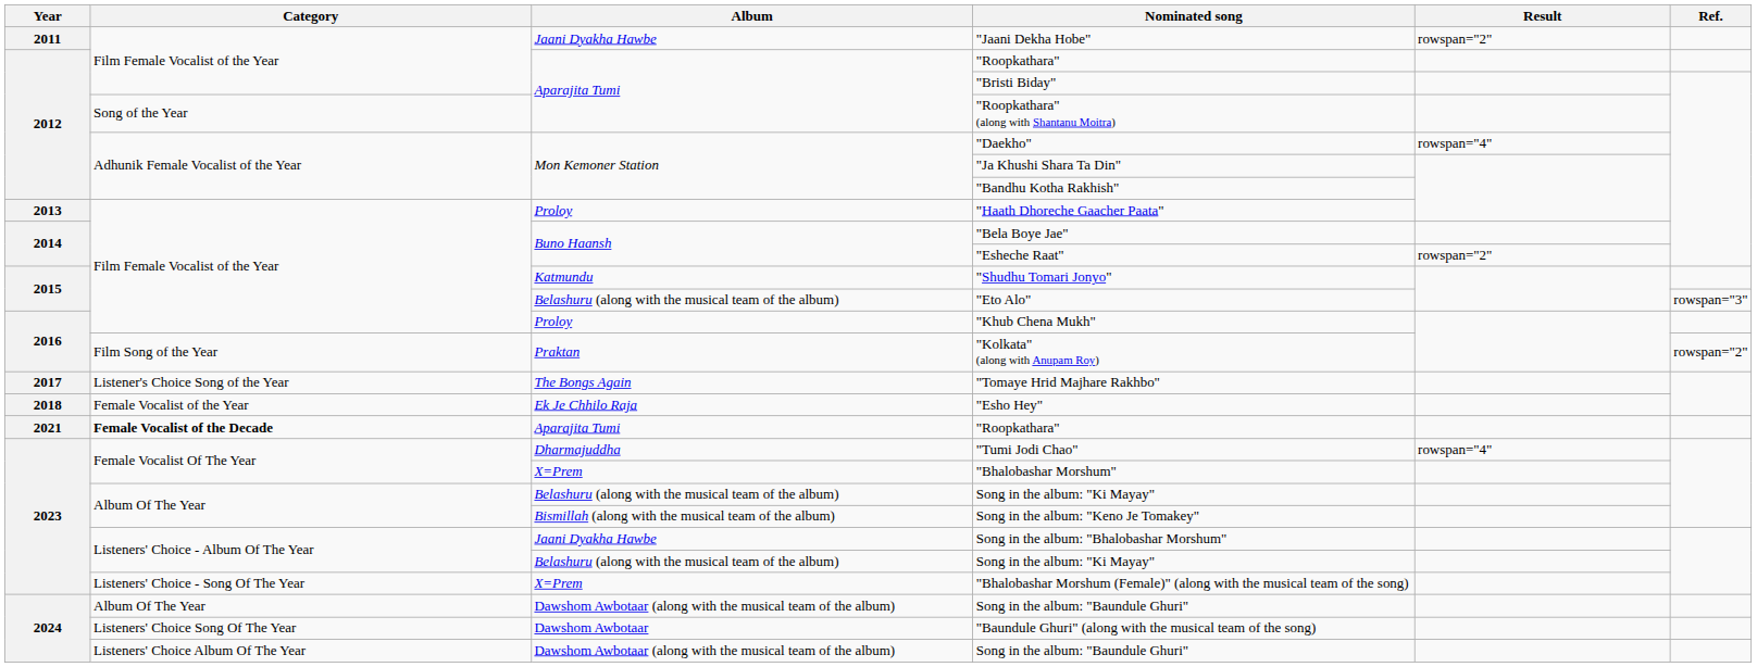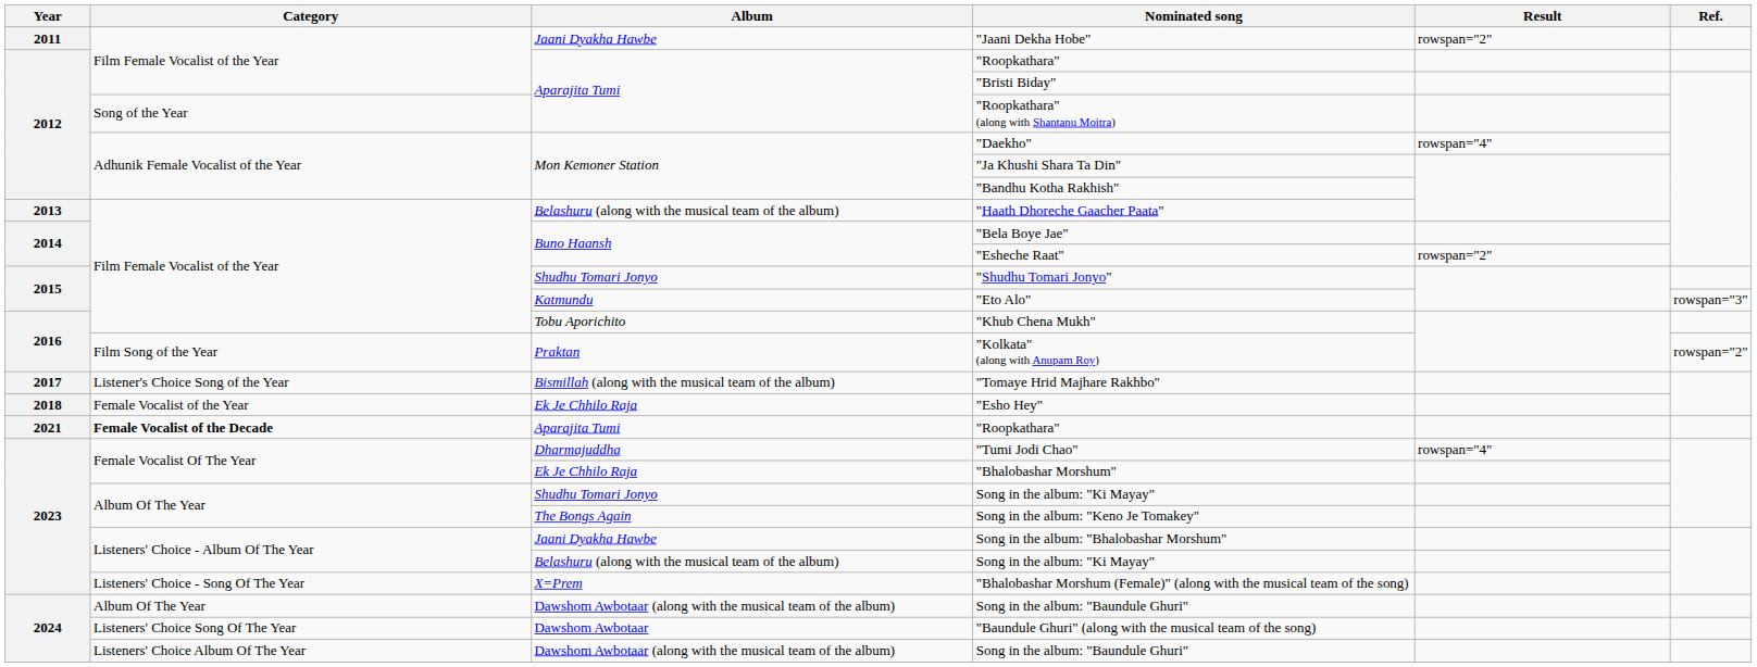 <table class="wikitable plainrowheaders" width="100%" textcolor:#000;">
 <tr>
 <th scope="col" width=5%><strong>Year</strong></th>
 <th scope="col" width=26%><strong>Category</strong></th>
 <th scope="col" width=26%><strong>Album</strong></th>
 <th scope="col" width=26%><strong>Nominated song</strong></th>
 <th scope="col" width=15%><strong>Result</strong></th>
 <th scope="col" width=2%><strong>Ref.</strong></th>
 </tr>
 <tr>
 <th scope="row">2011</th>
 <td rowspan="3">Film Female Vocalist of the Year</td>
 <td><em><a href='#'>Jaani Dyakha Hawbe</a></em></td>
 <td>"Jaani Dekha Hobe"</td>
 <td>rowspan="2" </td>
 <td></td>
 </tr>
 <tr>
 <th scope="row" rowspan="6">2012</th>
 <td rowspan="3"><em><a href='#'>Aparajita Tumi</a></em></td>
 <td>"Roopkathara"</td>
 <td></td>
 </tr>
 <tr>
 <td>"Bristi Biday"</td>
 <td></td>
 <td rowspan="8"></td>
 </tr>
 <tr>
 <td>Song of the Year</td>
 <td>"Roopkathara" <br><small>(along with <a href='#'>Shantanu Moitra</a>)</small></td>
 <td></td>
 </tr>
 <tr>
 <td rowspan="3">Adhunik Female Vocalist of the Year</td>
 <td rowspan="3"><em>Mon Kemoner Station</em></td>
 <td>"Daekho"</td>
 <td>rowspan="4" </td>
 </tr>
 <tr>
 <td>"Ja Khushi Shara Ta Din"</td>
 </tr>
 <tr>
 <td>"Bandhu Kotha Rakhish"</td>
 </tr>
 <tr>
 <th scope="row">2013</th>
 <td rowspan="6">Film Female Vocalist of the Year</td>
-<td><em><a href='#'>Proloy</a></em></td>
+<td><em><a href='#'>Belashuru</a></em> (along with the musical team of the album)</td>
 <td>"<a href='#'>Haath Dhoreche Gaacher Paata</a>"</td>
 </tr>
 <tr>
 <th scope="row" rowspan="2">2014</th>
 <td rowspan="2"><em><a href='#'>Buno Haansh</a></em></td>
 <td>"Bela Boye Jae"</td>
 <td></td>
 </tr>
 <tr>
 <td>"Esheche Raat"</td>
 <td>rowspan="2" </td>
 </tr>
 <tr>
 <th scope="row" rowspan="2">2015</th>
-<td><em><a href='#'>Katmundu</a></em></td>
+<td><em><a href='#'>Shudhu Tomari Jonyo</a></em></td>
 <td>"<a href='#'>Shudhu Tomari Jonyo</a>"</td>
 <td rowspan="2"><br></td>
 </tr>
 <tr>
-<td><em><a href='#'>Belashuru</a></em> (along with the musical team of the album)</td>
+<td><em><a href='#'>Katmundu</a></em></td>
 <td>"Eto Alo"</td>
 <td>rowspan="3" </td>
 </tr>
 <tr>
 <th scope="row" rowspan="2">2016</th>
-<td><em><a href='#'>Proloy</a></em></td>
+<td><em>Tobu Aporichito</em></td>
 <td>"Khub Chena Mukh"</td>
 <td rowspan="2"></td>
 </tr>
 <tr>
 <td>Film Song of the Year</td>
 <td><em><a href='#'>Praktan</a></em></td>
 <td>"Kolkata"<br><small>(along with <a href='#'>Anupam Roy</a>)</small></td>
 <td>rowspan="2" </td>
 </tr>
 <tr>
 <th scope="row">2017</th>
 <td>Listener's Choice Song of the Year</td>
-<td><em><a href='#'>The Bongs Again</a></em></td>
+<td><a href='#'><em>Bismillah</em></a> (along with the musical team of the album)</td>
 <td>"Tomaye Hrid Majhare Rakhbo"</td>
 <td></td>
 </tr>
 <tr>
 <th scope="row">2018</th>
 <td>Female Vocalist of the Year</td>
 <td><em><a href='#'>Ek Je Chhilo Raja</a></em></td>
 <td>"Esho Hey"</td>
 <td></td>
 </tr>
 <tr>
 <th scope="row">2021</th>
 <td><strong>Female Vocalist of the Decade</strong></td>
 <td><em><a href='#'>Aparajita Tumi</a></em></td>
 <td>"Roopkathara"</td>
 <td></td>
 <td rowspan></td>
 </tr>
 <tr>
 <th scope="row" rowspan="7">2023</th>
 <td rowspan="2">Female Vocalist Of The Year</td>
 <td><em><a href='#'>Dharmajuddha</a></em></td>
 <td>"Tumi Jodi Chao"</td>
 <td>rowspan="4" </td>
 <td rowspan="4"></td>
 </tr>
 <tr>
-<td><em><a href='#'>X=Prem</a></em></td>
+<td><em><a href='#'>Ek Je Chhilo Raja</a></em></td>
 <td>"Bhalobashar Morshum"</td>
 </tr>
 <tr>
 <td rowspan="2">Album Of The Year</td>
-<td><em><a href='#'>Belashuru</a></em> (along with the musical team of the album)</td>
+<td><em><a href='#'>Shudhu Tomari Jonyo</a></em></td>
 <td>Song in the album: "Ki Mayay"</td>
 <td></td>
 </tr>
 <tr>
-<td><a href='#'><em>Bismillah</em></a> (along with the musical team of the album)</td>
+<td><em><a href='#'>The Bongs Again</a></em></td>
 <td>Song in the album: "Keno Je Tomakey"</td>
 <td></td>
 </tr>
 <tr>
 <td rowspan="2">Listeners' Choice - Album Of The Year</td>
 <td><em><a href='#'>Jaani Dyakha Hawbe</a></em></td>
 <td>Song in the album: "Bhalobashar Morshum"</td>
 <td></td>
 <td rowspan="3"></td>
 </tr>
 <tr>
 <td><em><a href='#'>Belashuru</a></em> (along with the musical team of the album)</td>
 <td>Song in the album: "Ki Mayay"</td>
 <td></td>
 </tr>
 <tr>
 <td>Listeners' Choice - Song Of The Year</td>
 <td><em><a href='#'>X=Prem</a></em></td>
 <td>"Bhalobashar Morshum (Female)" (along with the musical team of the song)</td>
 <td></td>
 </tr>
 <tr>
 <th scope="row" rowspan="3">2024</th>
 <td>Album Of The Year</td>
 <td><a href='#'>Dawshom Awbotaar</a> (along with the musical team of the album)</td>
 <td>Song in the album: "Baundule Ghuri"</td>
 <td></td>
 <td></td>
 </tr>
 <tr>
 <td>Listeners' Choice Song Of The Year</td>
 <td><a href='#'>Dawshom Awbotaar</a></td>
 <td>"Baundule Ghuri" (along with the musical team of the song)</td>
 <td></td>
 <td></td>
 </tr>
 <tr>
 <td>Listeners' Choice Album Of The Year</td>
 <td><a href='#'>Dawshom Awbotaar</a> (along with the musical team of the album)</td>
 <td>Song in the album: "Baundule Ghuri"</td>
 <td></td>
 <td></td>
 </tr>
 </table>
